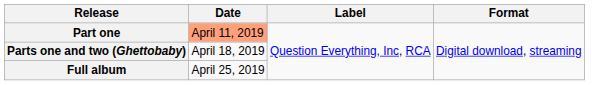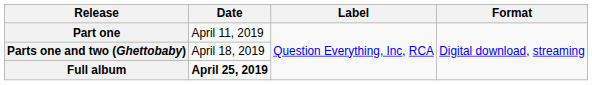 <table class="wikitable plainrowheaders">
 <tr>
 <th scope="col">Release</th>
 <th scope="col">Date</th>
 <th scope="col">Label</th>
 <th scope="col">Format</th>
 </tr>
 <tr>
 <th scope="row">Part one</th>
-<td style="background: lightsalmon;">April 11, 2019</td>
+<td>April 11, 2019</td>
 <td rowspan="3"><a href='#'>Question Everything, Inc</a>, <a href='#'>RCA</a></td>
 <td rowspan="3"><a href='#'>Digital download</a>, <a href='#'>streaming</a></td>
 </tr>
 <tr>
 <th scope="row">Parts one and two (<em>Ghettobaby</em>)</th>
 <td>April 18, 2019</td>
 </tr>
 <tr>
 <th scope="row">Full album</th>
-<td>April 25, 2019</td>
+<td><strong>April 25, 2019</strong></td>
 </tr>
 </table>
